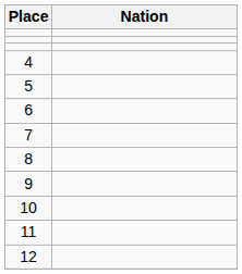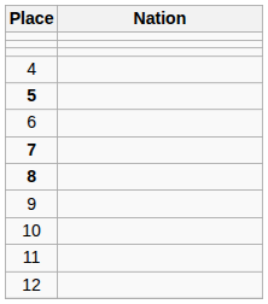 <table class=wikitable style=text-align:center>
 <tr>
 <th width=35>Place</th>
 <th width=185>Nation</th>
 </tr>
 <tr>
 <td></td>
 <td style=text-align:left></td>
 </tr>
 <tr>
 <td></td>
 <td style=text-align:left></td>
 </tr>
 <tr>
 <td></td>
 <td style=text-align:left></td>
 </tr>
 <tr>
 <td>4</td>
 <td style=text-align:left></td>
 </tr>
 <tr>
-<td>5</td>
+<td><strong>5</strong></td>
 <td style=text-align:left></td>
 </tr>
 <tr>
 <td>6</td>
 <td style=text-align:left></td>
 </tr>
 <tr>
-<td>7</td>
+<td><strong>7</strong></td>
 <td style=text-align:left></td>
 </tr>
 <tr>
-<td>8</td>
+<td><strong>8</strong></td>
 <td style=text-align:left></td>
 </tr>
 <tr>
 <td>9</td>
 <td style=text-align:left></td>
 </tr>
 <tr>
 <td>10</td>
 <td style=text-align:left></td>
 </tr>
 <tr>
 <td>11</td>
 <td style=text-align:left></td>
 </tr>
 <tr>
 <td>12</td>
 <td style=text-align:left></td>
 </tr>
 <tr>
 </tr>
 </table>
